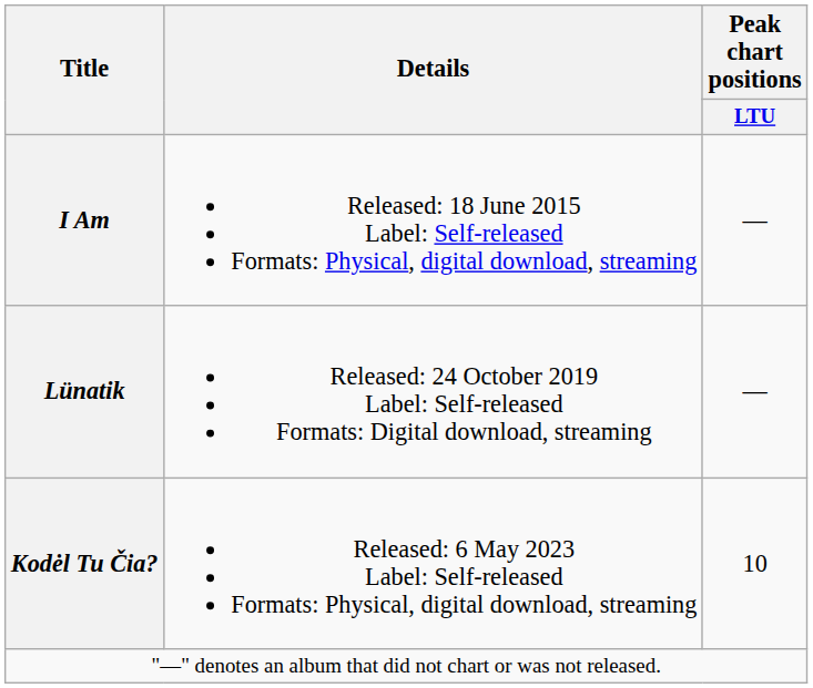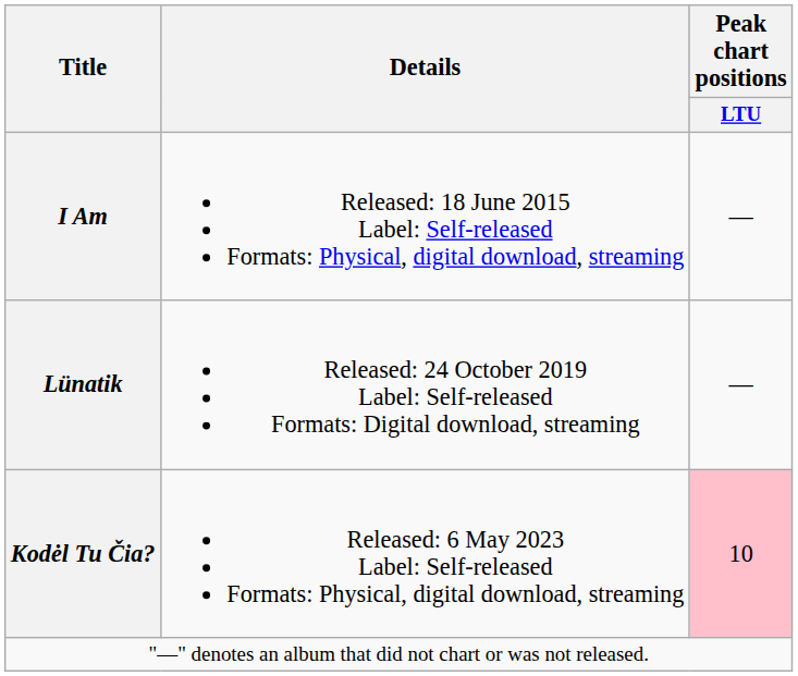 <table class="wikitable plainrowheaders" style="text-align:center;">
 <tr>
 <th scope="col" rowspan="2">Title</th>
 <th scope="col" rowspan="2">Details</th>
 <th scope="col" colspan="1">Peak chart positions</th>
 </tr>
 <tr>
 <th scope="col" style="width:3em;font-size:85%;"><a href='#'>LTU</a><br></th>
 </tr>
 <tr>
 <th scope="row"><em>I Am</em></th>
 <td><br><ul><li>Released: 18 June 2015</li><li>Label: <a href='#'>Self-released</a></li><li>Formats: <a href='#'>Physical</a>, <a href='#'>digital download</a>, <a href='#'>streaming</a></li></ul></td>
 <td>—</td>
 </tr>
 <tr>
 <th scope="row"><em>Lünatik</em></th>
 <td><br><ul><li>Released: 24 October 2019</li><li>Label: Self-released</li><li>Formats: Digital download, streaming</li></ul></td>
 <td>—</td>
 </tr>
 <tr>
 <th scope="row"><em>Kodėl Tu Čia?</em></th>
 <td><br><ul><li>Released: 6 May 2023</li><li>Label: Self-released</li><li>Formats: Physical, digital download, streaming</li></ul></td>
-<td>10</td>
+<td style="background: pink;">10</td>
 </tr>
 <tr>
 <td colspan="5" style="font-size:85%;">"—" denotes an album that did not chart or was not released.</td>
 </tr>
 </table>
